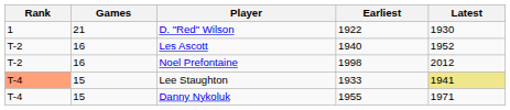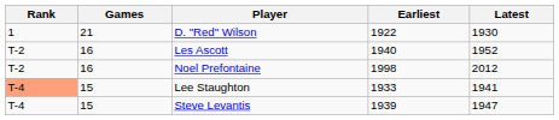 <table class="wikitable" style="width:60%;">
 <tr>
 <th>Rank</th>
 <th>Games</th>
 <th>Player</th>
 <th>Earliest</th>
 <th>Latest</th>
 </tr>
 <tr>
 <td>1</td>
 <td>21</td>
 <td><a href='#'>D. "Red" Wilson</a></td>
 <td>1922</td>
 <td>1930</td>
 </tr>
 <tr>
 <td>T-2</td>
 <td>16</td>
 <td><a href='#'>Les Ascott</a></td>
 <td>1940</td>
 <td>1952</td>
 </tr>
 <tr>
 <td>T-2</td>
 <td>16</td>
 <td><a href='#'>Noel Prefontaine</a></td>
 <td>1998</td>
 <td>2012</td>
 </tr>
 <tr>
 <td style="background: lightsalmon;">T-4</td>
 <td>15</td>
 <td>Lee Staughton</td>
 <td>1933</td>
-<td style="background: khaki;">1941</td>
+<td>1941</td>
 </tr>
 <tr>
 <td>T-4</td>
 <td>15</td>
-<td><a href='#'>Danny Nykoluk</a></td>
-<td>1955</td>
-<td>1971</td>
+<td><a href='#'>Steve Levantis</a></td>
+<td>1939</td>
+<td>1947</td>
 </tr>
 </table>
